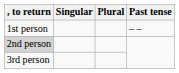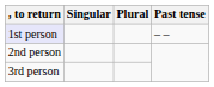 <table class="wikitable">
 <tr>
 <th>, to return</th>
 <th>Singular</th>
 <th>Plural</th>
 <th>Past tense</th>
 </tr>
 <tr>
-<td>1st person</td>
+<td style="background: lavender;">1st person</td>
 <td></td>
 <td></td>
 <td> –  – </td>
 </tr>
 <tr>
-<td style="background: lightgrey;">2nd person</td>
+<td>2nd person</td>
 <td></td>
 <td></td>
 </tr>
 <tr>
 <td>3rd person</td>
 <td></td>
 <td></td>
 </tr>
 </table>
